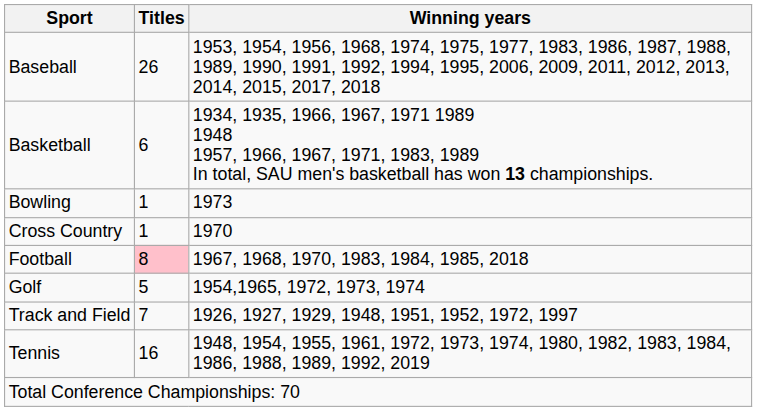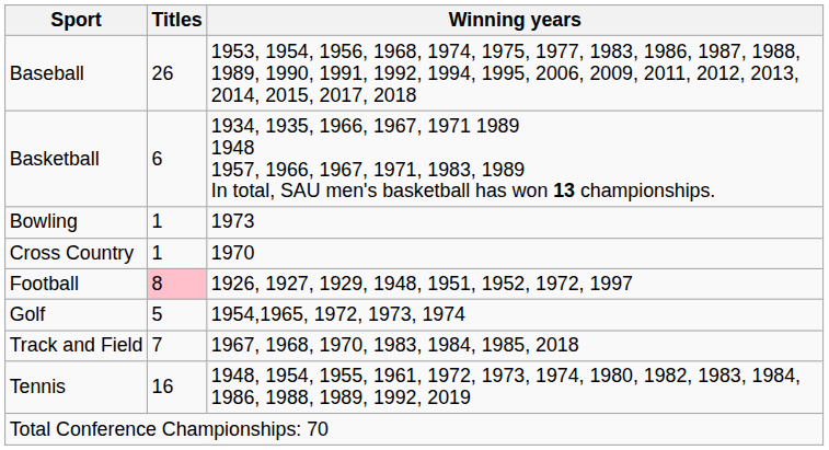 <table class= wikitable>
 <tr>
 <th width=px>Sport</th>
 <th width=px>Titles</th>
 <th width=500px>Winning years</th>
 </tr>
 <tr>
 <td>Baseball</td>
 <td>26</td>
 <td>1953, 1954, 1956, 1968, 1974, 1975, 1977, 1983, 1986, 1987, 1988, 1989, 1990, 1991, 1992, 1994, 1995, 2006, 2009, 2011, 2012, 2013, 2014, 2015, 2017, 2018</td>
 </tr>
 <tr>
 <td>Basketball</td>
 <td>6</td>
 <td>1934, 1935, 1966, 1967, 1971 1989 <br> 1948 <br> 1957, 1966, 1967, 1971, 1983, 1989<br>In total, SAU men's basketball has won <strong>13</strong> championships.</td>
 </tr>
 <tr>
 <td>Bowling</td>
 <td>1</td>
 <td>1973</td>
 </tr>
 <tr>
 <td>Cross Country</td>
 <td>1</td>
 <td>1970</td>
 </tr>
 <tr>
 <td>Football</td>
 <td style="background: pink;">8</td>
-<td>1967, 1968, 1970, 1983, 1984, 1985, 2018</td>
+<td>1926, 1927, 1929, 1948, 1951, 1952, 1972, 1997</td>
 </tr>
 <tr>
 <td>Golf</td>
 <td>5</td>
 <td>1954,1965, 1972, 1973, 1974</td>
 </tr>
 <tr>
 <td>Track and Field</td>
 <td>7</td>
-<td>1926, 1927, 1929, 1948, 1951, 1952, 1972, 1997</td>
+<td>1967, 1968, 1970, 1983, 1984, 1985, 2018</td>
 </tr>
 <tr>
 <td>Tennis</td>
 <td>16</td>
 <td>1948, 1954, 1955, 1961, 1972, 1973, 1974, 1980, 1982, 1983, 1984, 1986, 1988, 1989, 1992, 2019</td>
 </tr>
 <tr>
 <td colspan="4">Total Conference Championships: 70</td>
 </tr>
 </table>
